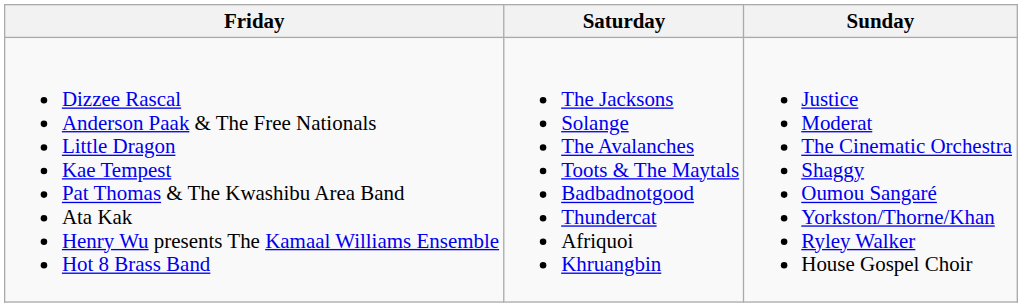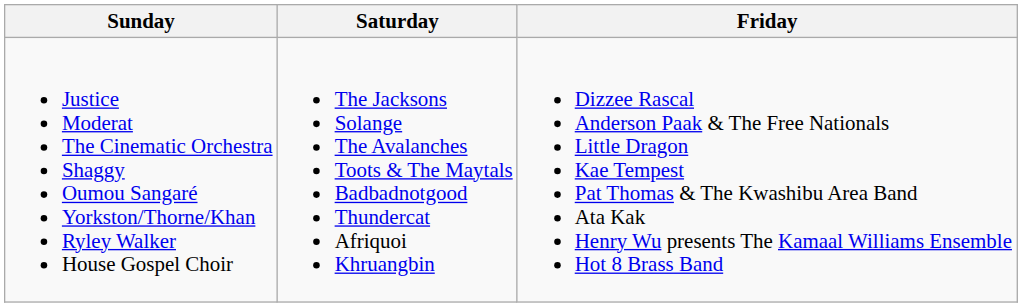 <table class="wikitable">
 <tr>
+<th>Sunday</th>
+<th>Saturday</th>
 <th>Friday</th>
-<th>Saturday</th>
-<th>Sunday</th>
 </tr>
 <tr valign="top">
+<td><br><ul><li><a href='#'>Justice</a></li><li><a href='#'>Moderat</a></li><li><a href='#'>The Cinematic Orchestra</a></li><li><a href='#'>Shaggy</a></li><li><a href='#'>Oumou Sangaré</a></li><li><a href='#'>Yorkston/Thorne/Khan</a></li><li><a href='#'>Ryley Walker</a></li><li>House Gospel Choir</li></ul></td>
+<td><br><ul><li><a href='#'>The Jacksons</a></li><li><a href='#'>Solange</a></li><li><a href='#'>The Avalanches</a></li><li><a href='#'>Toots & The Maytals</a></li><li><a href='#'>Badbadnotgood</a></li><li><a href='#'>Thundercat</a></li><li>Afriquoi</li><li><a href='#'>Khruangbin</a></li></ul></td>
 <td><br><ul><li><a href='#'>Dizzee Rascal</a></li><li><a href='#'>Anderson Paak</a> & The Free Nationals</li><li><a href='#'>Little Dragon</a></li><li><a href='#'>Kae Tempest</a></li><li><a href='#'>Pat Thomas</a> & The Kwashibu Area Band</li><li>Ata Kak</li><li><a href='#'>Henry Wu</a> presents The <a href='#'>Kamaal Williams Ensemble</a></li><li><a href='#'>Hot 8 Brass Band</a></li></ul></td>
-<td><br><ul><li><a href='#'>The Jacksons</a></li><li><a href='#'>Solange</a></li><li><a href='#'>The Avalanches</a></li><li><a href='#'>Toots & The Maytals</a></li><li><a href='#'>Badbadnotgood</a></li><li><a href='#'>Thundercat</a></li><li>Afriquoi</li><li><a href='#'>Khruangbin</a></li></ul></td>
-<td><br><ul><li><a href='#'>Justice</a></li><li><a href='#'>Moderat</a></li><li><a href='#'>The Cinematic Orchestra</a></li><li><a href='#'>Shaggy</a></li><li><a href='#'>Oumou Sangaré</a></li><li><a href='#'>Yorkston/Thorne/Khan</a></li><li><a href='#'>Ryley Walker</a></li><li>House Gospel Choir</li></ul></td>
 </tr>
 </table>
